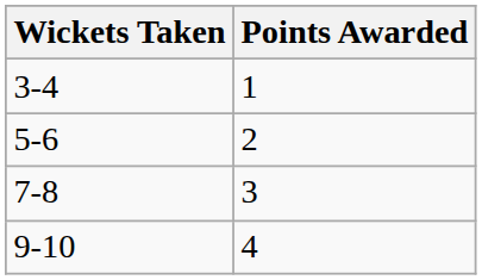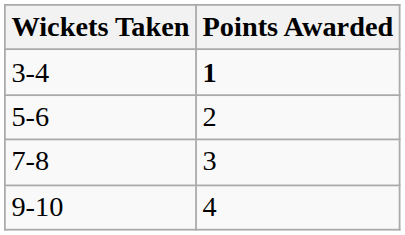 <table class="wikitable">
 <tr>
 <th>Wickets Taken</th>
 <th>Points Awarded</th>
 </tr>
 <tr>
 <td>3-4</td>
-<td>1</td>
+<td><strong>1</strong></td>
 </tr>
 <tr>
 <td>5-6</td>
 <td>2</td>
 </tr>
 <tr>
 <td>7-8</td>
 <td>3</td>
 </tr>
 <tr>
 <td>9-10</td>
 <td>4</td>
 </tr>
 </table>
